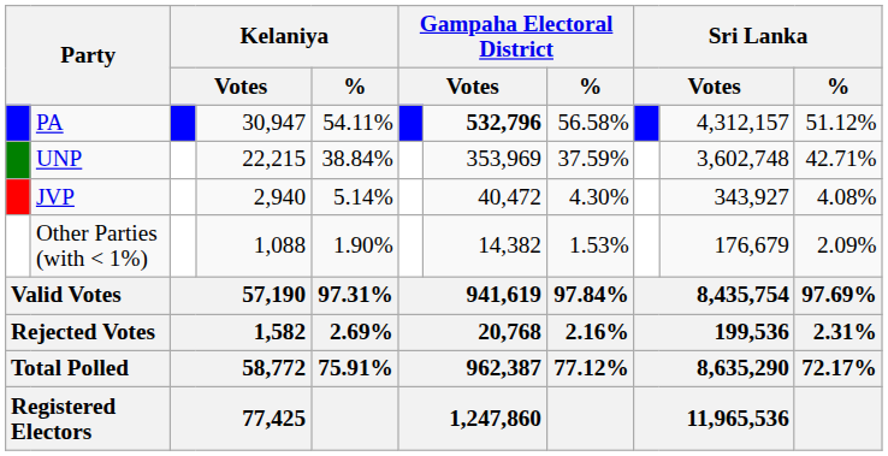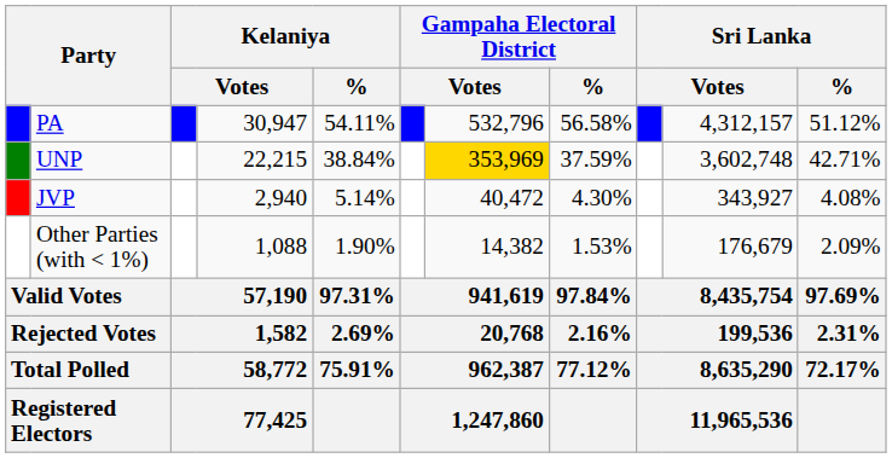 <table class="wikitable">
 <tr>
 <th colspan="2" width="144px"rowspan="2">Party</th>
 <th colspan="3" width="216px">Kelaniya</th>
 <th colspan="3" width="216px"><a href='#'>Gampaha Electoral District</a></th>
 <th colspan="3" width="216px">Sri Lanka</th>
 </tr>
 <tr>
 <th colspan="2" width="144px">Votes</th>
 <th>%</th>
 <th colspan="2" width="144px">Votes</th>
 <th>%</th>
 <th colspan="2" width="144px">Votes</th>
 <th>%</th>
 </tr>
 <tr>
 <td style="background-color:blue;" width="10px"></td>
 <td style="text-align:left;"><a href='#'>PA</a></td>
 <td style="background-color:blue;" width="10px"></td>
 <td style="text-align:right;">30,947</td>
 <td style="text-align:right;">54.11%</td>
 <td style="background-color:blue;" width="10px"></td>
-<td style="text-align:right;"><strong>532,796</strong></td>
+<td style="text-align:right;">532,796</td>
 <td style="text-align:right;">56.58%</td>
 <td style="background-color:blue;" width="10px"></td>
 <td style="text-align:right;">4,312,157</td>
 <td style="text-align:right;">51.12%</td>
 </tr>
 <tr>
 <td style="background-color:green;" width="10px"></td>
 <td style="text-align:left;"><a href='#'>UNP</a></td>
 <td style="background-color:white;" width="10px"></td>
 <td style="text-align:right;">22,215</td>
 <td style="text-align:right;">38.84%</td>
 <td style="background-color:white;" width="10px"></td>
-<td style="text-align:right;">353,969</td>
+<td style="background: gold; text-align:right;">353,969</td>
 <td style="text-align:right;">37.59%</td>
 <td style="background-color:white;" width="10px"></td>
 <td style="text-align:right;">3,602,748</td>
 <td style="text-align:right;">42.71%</td>
 </tr>
 <tr>
 <td style="background-color:red;" width="10px"></td>
 <td style="text-align:left;"><a href='#'>JVP</a></td>
 <td style="background-color:white;" width="10px"></td>
 <td style="text-align:right;">2,940</td>
 <td style="text-align:right;">5.14%</td>
 <td style="background-color:white;" width="10px"></td>
 <td style="text-align:right;">40,472</td>
 <td style="text-align:right;">4.30%</td>
 <td style="background-color:white;" width="10px"></td>
 <td style="text-align:right;">343,927</td>
 <td style="text-align:right;">4.08%</td>
 </tr>
 <tr>
 <td style="background-color:white;" width="10px"></td>
 <td style="text-align:left;">Other Parties (with < 1%)</td>
 <td style="background-color:white;" width="10px"></td>
 <td style="text-align:right;">1,088</td>
 <td style="text-align:right;">1.90%</td>
 <td style="background-color:white;" width="10px"></td>
 <td style="text-align:right;">14,382</td>
 <td style="text-align:right;">1.53%</td>
 <td style="background-color:white;" width="10px"></td>
 <td style="text-align:right;">176,679</td>
 <td style="text-align:right;">2.09%</td>
 </tr>
 <tr>
 <th colspan="2" width="144px"style="text-align:left;">Valid Votes</th>
 <th style="text-align:right;"colspan="2" width="144px">57,190</th>
 <th style="text-align:right;">97.31%</th>
 <th style="text-align:right;"colspan="2" width="144px">941,619</th>
 <th style="text-align:right;">97.84%</th>
 <th style="text-align:right;"colspan="2" width="144px">8,435,754</th>
 <th style="text-align:right;">97.69%</th>
 </tr>
 <tr>
 <th colspan="2" width="144px"style="text-align:left;">Rejected Votes</th>
 <th style="text-align:right;"colspan="2" width="144px">1,582</th>
 <th style="text-align:right;">2.69%</th>
 <th style="text-align:right;"colspan="2" width="144px">20,768</th>
 <th style="text-align:right;">2.16%</th>
 <th style="text-align:right;"colspan="2" width="144px">199,536</th>
 <th style="text-align:right;">2.31%</th>
 </tr>
 <tr>
 <th colspan="2" width="144px"style="text-align:left;">Total Polled</th>
 <th style="text-align:right;"colspan="2" width="144px">58,772</th>
 <th style="text-align:right;">75.91%</th>
 <th style="text-align:right;"colspan="2" width="144px">962,387</th>
 <th style="text-align:right;">77.12%</th>
 <th style="text-align:right;"colspan="2" width="144px">8,635,290</th>
 <th style="text-align:right;">72.17%</th>
 </tr>
 <tr>
 <th colspan="2" width="144px"style="text-align:left;">Registered Electors</th>
 <th style="text-align:right;"colspan="2" width="144px">77,425</th>
 <th></th>
 <th style="text-align:right;"colspan="2" width="144px">1,247,860</th>
 <th></th>
 <th style="text-align:right;"colspan="2" width="144px">11,965,536</th>
 <th></th>
 </tr>
 </table>
